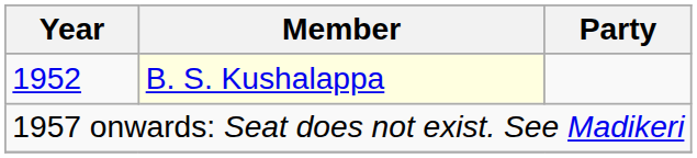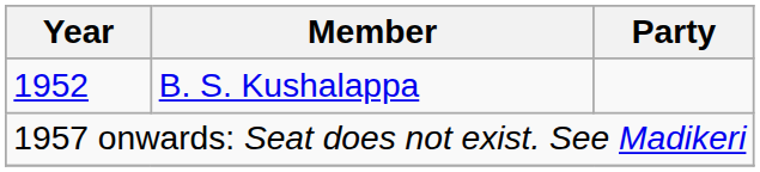 <table class="wikitable sortable">
 <tr>
 <th>Year</th>
 <th>Member</th>
 <th colspan="2">Party</th>
 </tr>
 <tr>
 <td><a href='#'>1952</a></td>
-<td style="background: lightyellow;"><a href='#'>B. S. Kushalappa</a></td>
+<td><a href='#'>B. S. Kushalappa</a></td>
 <td></td>
 </tr>
 <tr>
 <td colspan=5 align=center>1957 onwards: <em>Seat does not exist. See <a href='#'>Madikeri</a></em></td>
 </tr>
 <tr>
 </tr>
 </table>
